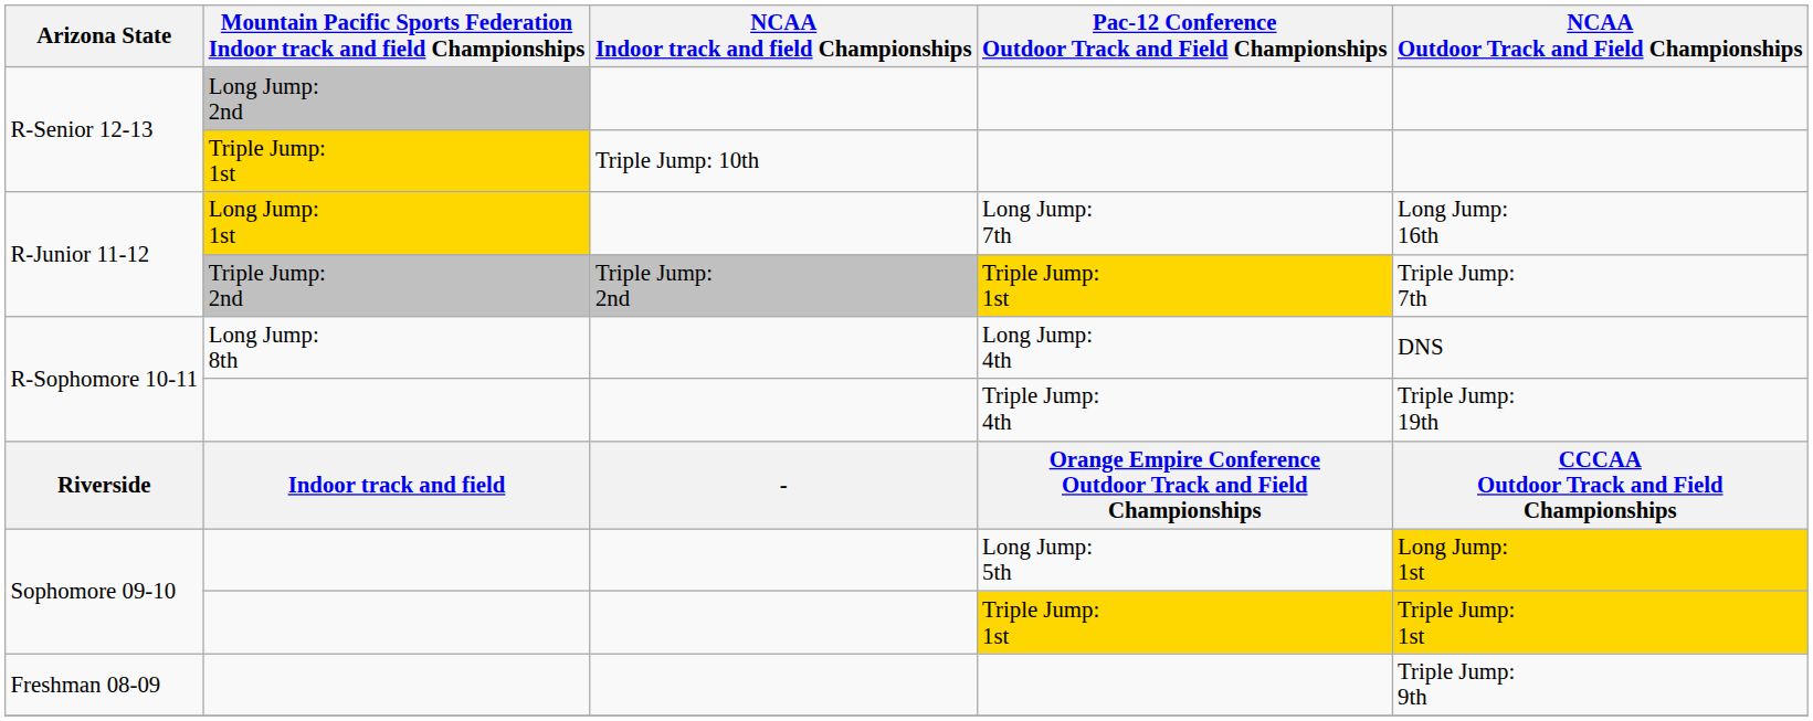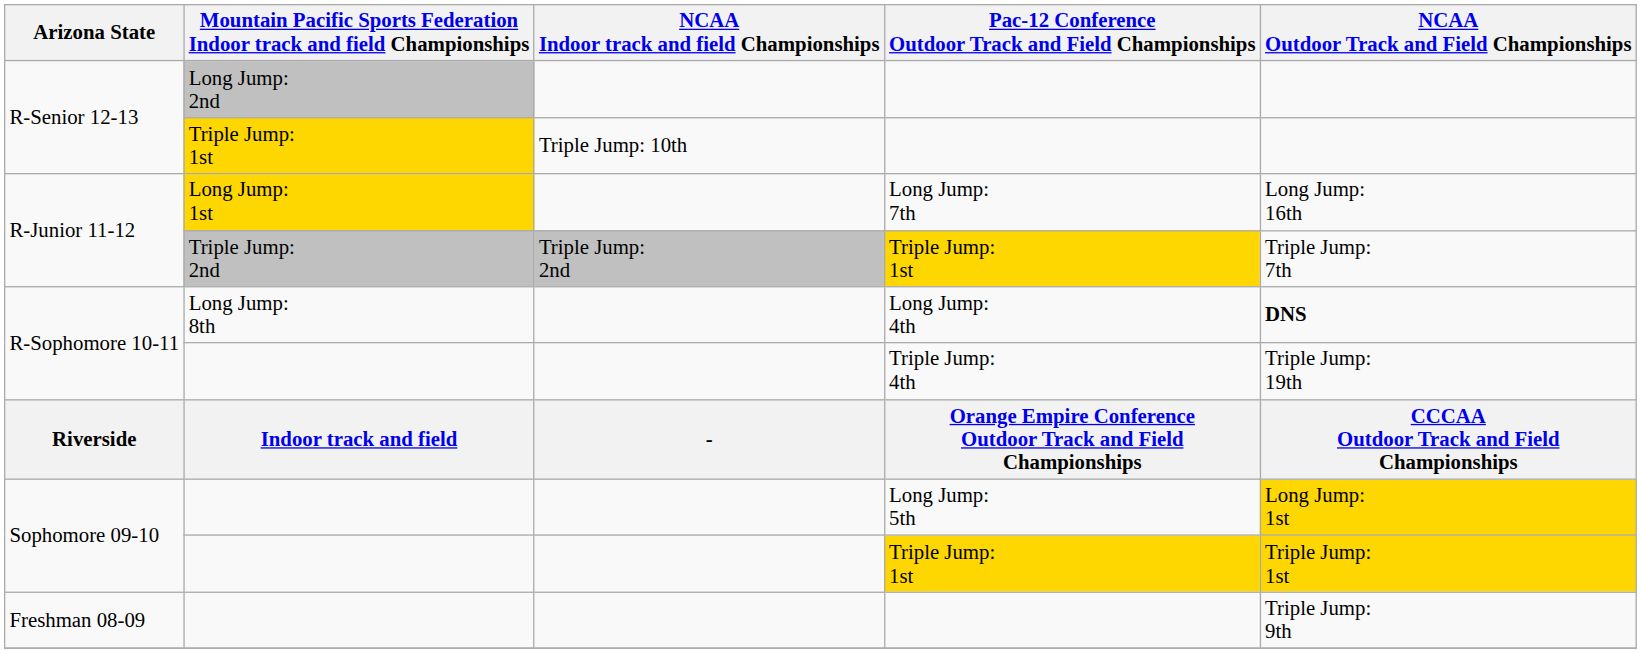 <table class="wikitable sortable">
 <tr>
 <th>Arizona State</th>
 <th><a href='#'>Mountain Pacific Sports Federation</a> <br><a href='#'>Indoor track and field</a> Championships</th>
 <th><a href='#'>NCAA</a><br> <a href='#'>Indoor track and field</a> Championships</th>
 <th><a href='#'>Pac-12 Conference</a> <br><a href='#'>Outdoor Track and Field</a> Championships</th>
 <th><a href='#'>NCAA</a><br> <a href='#'>Outdoor Track and Field</a> Championships</th>
 </tr>
 <tr>
 <td Rowspan=2>R-Senior 12-13</td>
 <td bgcolor=silver>Long Jump:<br> 2nd</td>
 <td></td>
 <td></td>
 <td></td>
 </tr>
 <tr>
 <td bgcolor=gold>Triple Jump:<br> 1st</td>
 <td>Triple Jump: 10th</td>
 <td></td>
 <td></td>
 </tr>
 <tr>
 <td Rowspan=2>R-Junior 11-12</td>
 <td bgcolor=gold>Long Jump:<br> 1st</td>
 <td></td>
 <td>Long Jump:<br> 7th</td>
 <td>Long Jump:<br> 16th</td>
 </tr>
 <tr>
 <td bgcolor=silver>Triple Jump:<br> 2nd</td>
 <td bgcolor=silver>Triple Jump:<br> 2nd</td>
 <td bgcolor=gold>Triple Jump:<br> 1st</td>
 <td>Triple Jump:<br> 7th</td>
 </tr>
 <tr>
 <td Rowspan=2>R-Sophomore 10-11</td>
 <td>Long Jump:<br> 8th</td>
 <td></td>
 <td>Long Jump:<br> 4th</td>
-<td>DNS</td>
+<td><strong>DNS</strong></td>
 </tr>
 <tr>
 <td></td>
 <td></td>
 <td>Triple Jump:<br> 4th</td>
 <td>Triple Jump:<br> 19th</td>
 </tr>
 <tr>
 <th>Riverside</th>
 <th><a href='#'>Indoor track and field</a></th>
 <th>-</th>
 <th><a href='#'>Orange Empire Conference</a> <br><a href='#'>Outdoor Track and Field</a><br>Championships</th>
 <th><a href='#'>CCCAA</a><br> <a href='#'>Outdoor Track and Field</a><br>Championships</th>
 </tr>
 <tr>
 <td Rowspan=2>Sophomore 09-10</td>
 <td></td>
 <td></td>
 <td>Long Jump:<br> 5th</td>
 <td bgcolor=gold>Long Jump:<br> 1st</td>
 </tr>
 <tr>
 <td></td>
 <td></td>
 <td bgcolor=gold>Triple Jump:<br> 1st</td>
 <td bgcolor=gold>Triple Jump:<br> 1st</td>
 </tr>
 <tr>
 <td>Freshman 08-09</td>
 <td></td>
 <td></td>
 <td></td>
 <td>Triple Jump:<br> 9th</td>
 </tr>
 <tr>
 </tr>
 </table>
